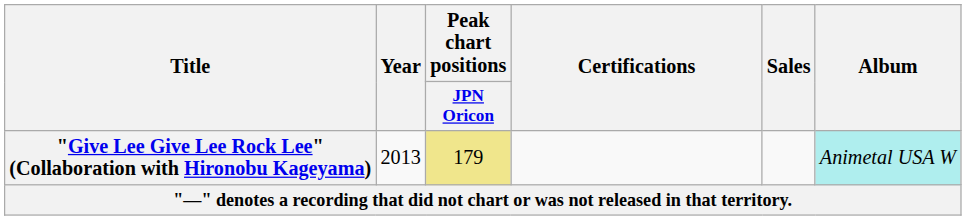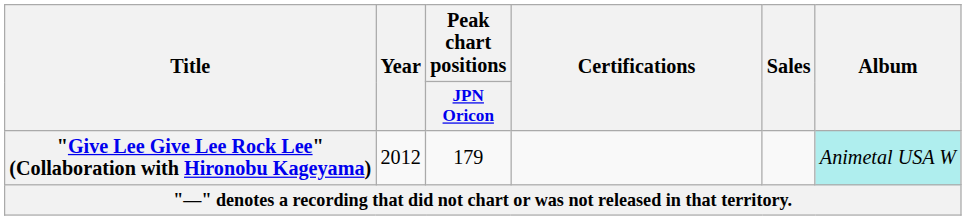 <table class="wikitable plainrowheaders">
 <tr>
 <th scope="col" rowspan="2">Title</th>
 <th scope="col" rowspan="2">Year</th>
 <th scope="col" colspan="1">Peak chart positions</th>
 <th scope="col" rowspan="2" style="width:12em;">Certifications<br></th>
 <th scope="col" rowspan="2">Sales<br></th>
 <th scope="col" rowspan="2">Album</th>
 </tr>
 <tr>
 <th scope="col" style="width:4em;font-size:85%"><a href='#'>JPN<br>Oricon</a><br></th>
 </tr>
 <tr>
 <th scope="row">"<a href='#'>Give Lee Give Lee Rock Lee</a>"<br>(Collaboration with <a href='#'>Hironobu Kageyama</a>)</th>
-<td align="center">2013</td>
-<td align="center" style="background: khaki;">179</td>
+<td align="center">2012</td>
+<td align="center">179</td>
 <td></td>
 <td></td>
 <td align="center" style="background: paleturquoise;"><em>Animetal USA W</em></td>
 </tr>
 <tr>
 <th align="center" colspan="6" style="font-size:90%">"—" denotes a recording that did not chart or was not released in that territory.</th>
 </tr>
 </table>
